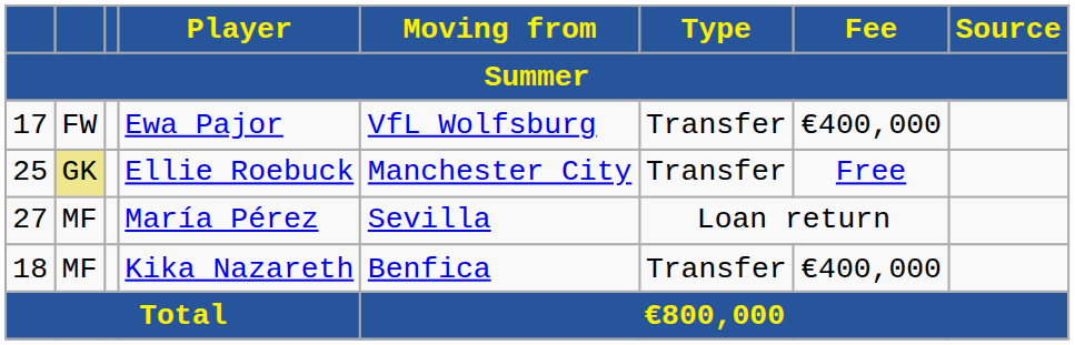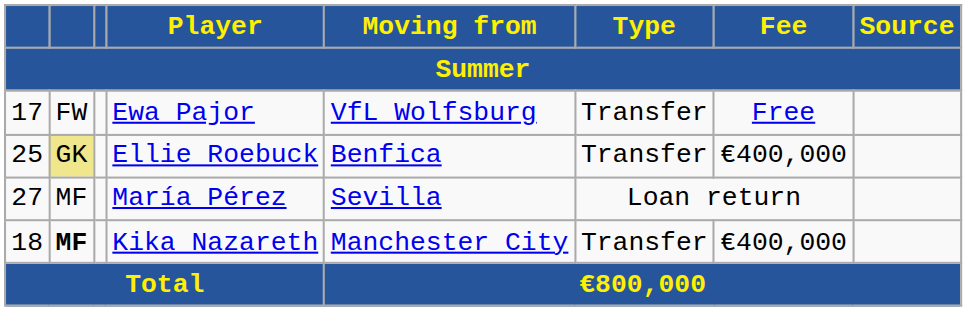 <table class="wikitable plainrowheaders sortable" style="text-align:center">
 <tr>
 <th style="background:#26559B; color:#FFF000; "></th>
 <th style="background:#26559B; color:#FFF000; "></th>
 <th style="background:#26559B; color:#FFF000; "></th>
 <th style="background:#26559B; color:#FFF000; ">Player</th>
 <th style="background:#26559B; color:#FFF000; ">Moving from</th>
 <th style="background:#26559B; color:#FFF000; ">Type</th>
 <th style="background:#26559B; color:#FFF000; ">Fee</th>
 <th style="background:#26559B; color:#FFF000; ">Source</th>
 </tr>
 <tr>
 <th colspan=8 style="background:#26559B; color:#FFF000; ">Summer</th>
 </tr>
 <tr>
 <td>17</td>
 <td>FW</td>
 <td></td>
 <td align="left"><a href='#'>Ewa Pajor</a></td>
 <td align="left"> <a href='#'>VfL Wolfsburg</a></td>
 <td>Transfer</td>
-<td>€400,000</td>
+<td><a href='#'>Free</a></td>
 <td></td>
 </tr>
 <tr>
 <td>25</td>
 <td style="background: khaki;">GK</td>
 <td></td>
 <td align="left"><a href='#'>Ellie Roebuck</a></td>
-<td align="left"> <a href='#'>Manchester City</a></td>
+<td align="left"> <a href='#'>Benfica</a></td>
 <td>Transfer</td>
-<td><a href='#'>Free</a></td>
+<td>€400,000</td>
 <td></td>
 </tr>
 <tr>
 <td>27</td>
 <td>MF</td>
 <td></td>
 <td align="left"><a href='#'>María Pérez</a></td>
 <td align="left"><a href='#'>Sevilla</a></td>
 <td colspan="2">Loan return</td>
 <td></td>
 </tr>
 <tr>
 <td>18</td>
-<td>MF</td>
+<td><strong>MF</strong></td>
 <td></td>
 <td align="left"><a href='#'>Kika Nazareth</a></td>
-<td align="left"> <a href='#'>Benfica</a></td>
+<td align="left"> <a href='#'>Manchester City</a></td>
 <td>Transfer</td>
 <td>€400,000</td>
 <td></td>
 </tr>
 <tr>
 <th colspan="4" style="background:#26559B; color:#FFF000; ">Total</th>
 <th colspan="4" style="background:#26559B; color:#FFF000; ">€800,000</th>
 </tr>
 </table>
